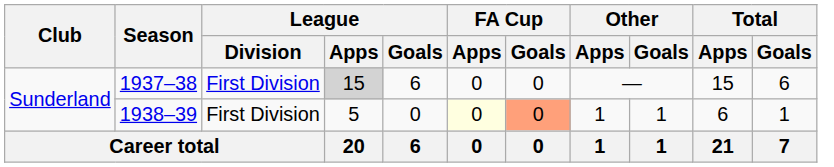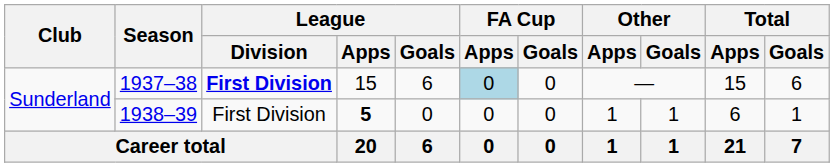 <table class="wikitable" style="text-align: center;">
 <tr>
 <th rowspan="2">Club</th>
 <th rowspan="2">Season</th>
 <th colspan="3">League</th>
 <th colspan="2">FA Cup</th>
 <th colspan="2">Other</th>
 <th colspan="2">Total</th>
 </tr>
 <tr>
 <th>Division</th>
 <th>Apps</th>
 <th>Goals</th>
 <th>Apps</th>
 <th>Goals</th>
 <th>Apps</th>
 <th>Goals</th>
 <th>Apps</th>
 <th>Goals</th>
 </tr>
 <tr>
 <td rowspan="2"><a href='#'>Sunderland</a></td>
 <td><a href='#'>1937–38</a></td>
-<td><a href='#'>First Division</a></td>
-<td style="background: lightgrey;">15</td>
+<td><strong><a href='#'>First Division</a></strong></td>
+<td>15</td>
 <td>6</td>
-<td>0</td>
+<td style="background: lightblue;">0</td>
 <td>0</td>
 <td colspan="2">—</td>
 <td>15</td>
 <td>6</td>
 </tr>
 <tr>
 <td><a href='#'>1938–39</a></td>
 <td>First Division</td>
-<td>5</td>
+<td><strong>5</strong></td>
 <td>0</td>
-<td style="background: lightyellow;">0</td>
-<td style="background: lightsalmon;">0</td>
+<td>0</td>
+<td>0</td>
 <td>1</td>
 <td>1</td>
 <td>6</td>
 <td>1</td>
 </tr>
 <tr>
 <th colspan="3">Career total</th>
 <th>20</th>
 <th>6</th>
 <th>0</th>
 <th>0</th>
 <th>1</th>
 <th>1</th>
 <th>21</th>
 <th>7</th>
 </tr>
 </table>
